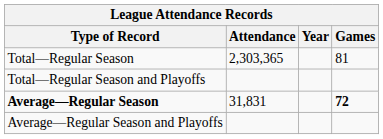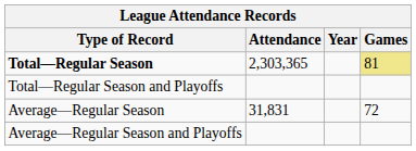 <table class="wikitable">
 <tr>
 <th align=center colspan=6>League Attendance Records</th>
 </tr>
 <tr>
 <th>Type of Record</th>
 <th>Attendance</th>
 <th>Year</th>
 <th>Games</th>
 </tr>
 <tr>
-<td>Total—Regular Season</td>
+<td><strong>Total—Regular Season</strong></td>
 <td>2,303,365</td>
 <td></td>
-<td>81</td>
+<td style="background: khaki;">81</td>
 </tr>
 <tr>
 <td>Total—Regular Season and Playoffs</td>
 <td></td>
 <td></td>
 <td></td>
 </tr>
 <tr>
-<td><strong>Average—Regular Season</strong></td>
+<td>Average—Regular Season</td>
 <td>31,831</td>
 <td></td>
-<td><strong>72</strong></td>
+<td>72</td>
 </tr>
 <tr>
 <td>Average—Regular Season and Playoffs</td>
 <td></td>
 <td></td>
 <td></td>
 </tr>
 </table>
